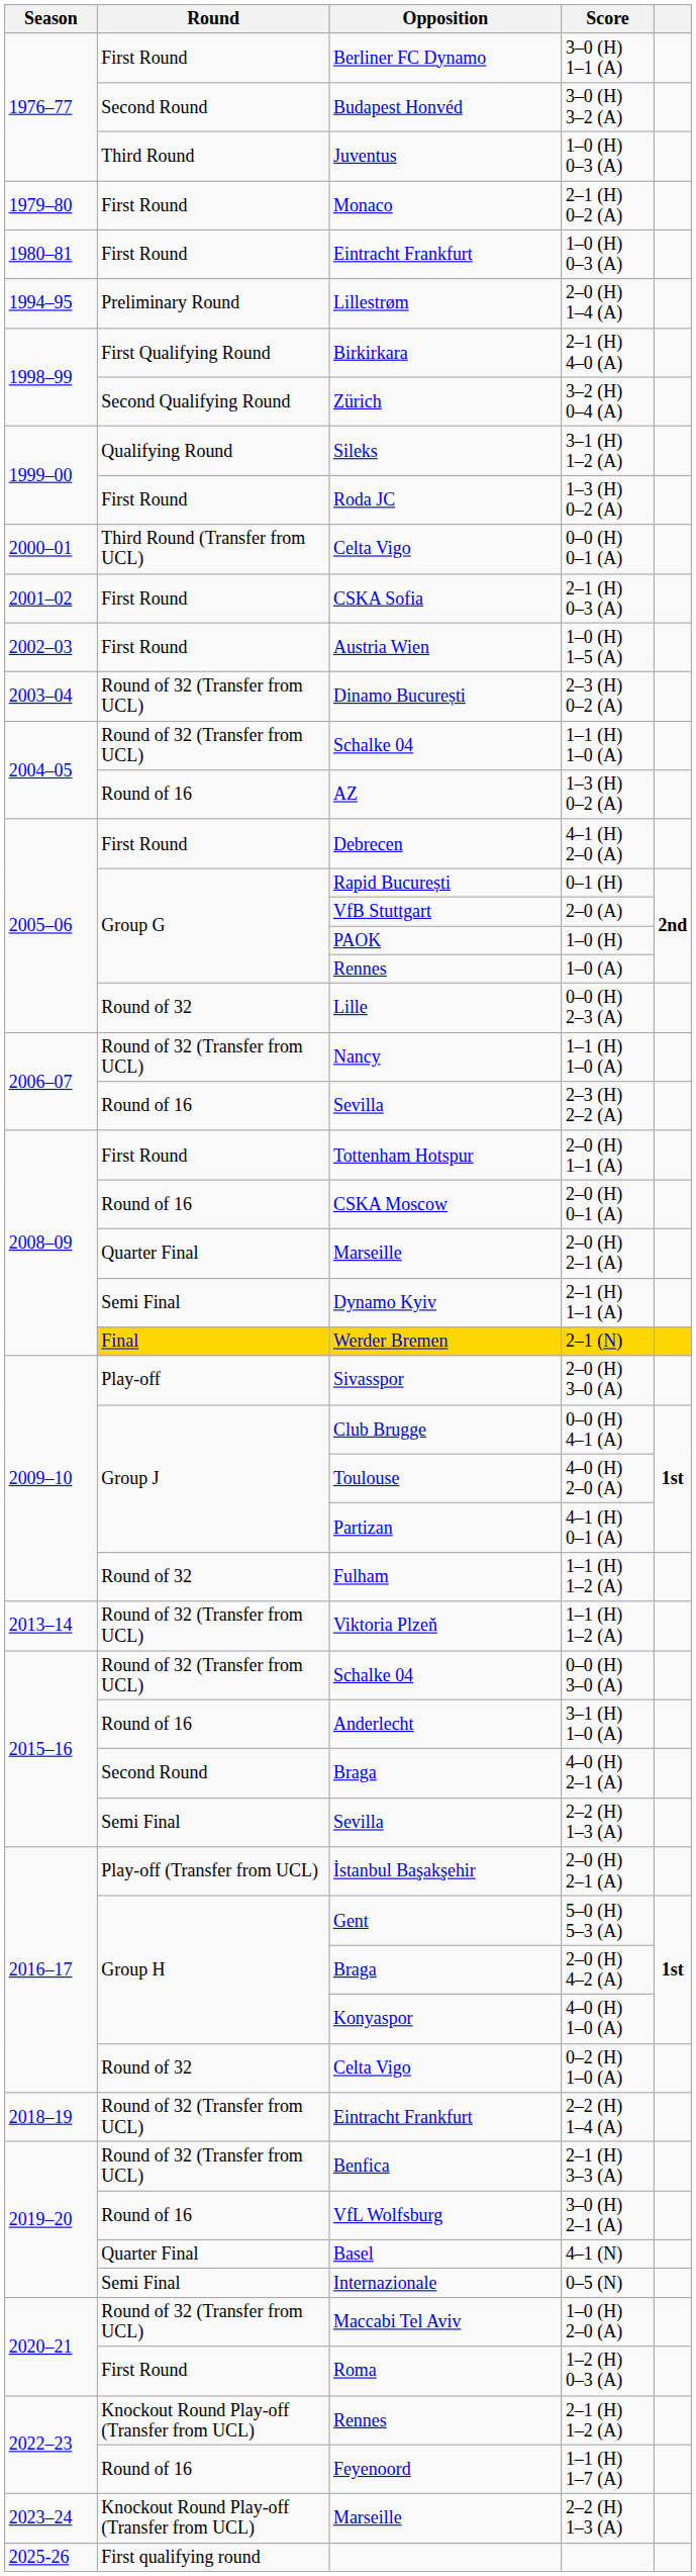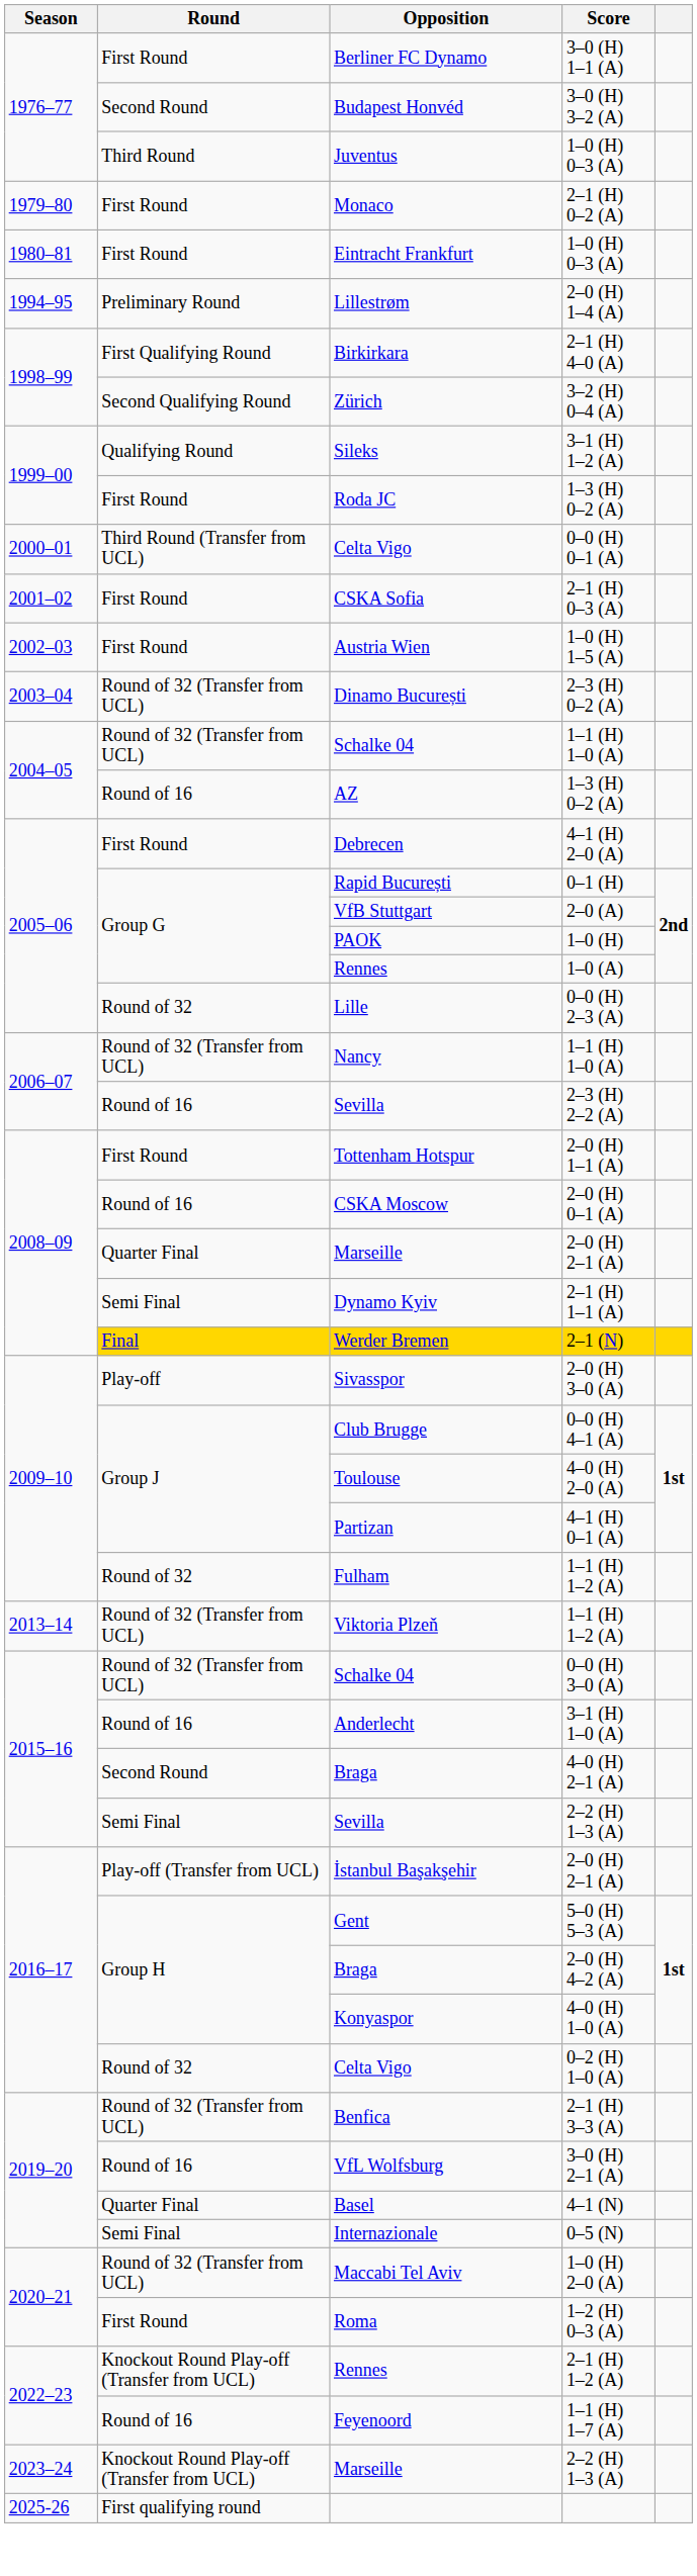 <table class="wikitable">
 <tr>
 <th width=75>Season</th>
 <th width=200>Round</th>
 <th width=200>Opposition</th>
 <th width=75>Score</th>
 <th></th>
 </tr>
 <tr>
 <td rowspan=3><a href='#'>1976–77</a></td>
 <td>First Round</td>
 <td> <a href='#'>Berliner FC Dynamo</a></td>
 <td>3–0 (H) <br> 1–1 (A)</td>
 <td></td>
 </tr>
 <tr>
 <td>Second Round</td>
 <td> <a href='#'>Budapest Honvéd</a></td>
 <td>3–0 (H) <br> 3–2 (A)</td>
 <td></td>
 </tr>
 <tr>
 <td>Third Round</td>
 <td> <a href='#'>Juventus</a></td>
 <td>1–0 (H) <br> 0–3 (A)</td>
 <td></td>
 </tr>
 <tr>
 <td><a href='#'>1979–80</a></td>
 <td>First Round</td>
 <td> <a href='#'>Monaco</a></td>
 <td>2–1 (H) <br> 0–2 (A)</td>
 <td></td>
 </tr>
 <tr>
 <td><a href='#'>1980–81</a></td>
 <td>First Round</td>
 <td> <a href='#'>Eintracht Frankfurt</a></td>
 <td>1–0 (H) <br> 0–3 (A)</td>
 <td></td>
 </tr>
 <tr>
 <td><a href='#'>1994–95</a></td>
 <td>Preliminary Round</td>
 <td> <a href='#'>Lillestrøm</a></td>
 <td>2–0 (H) <br> 1–4 (A)</td>
 <td></td>
 </tr>
 <tr>
 <td rowspan="2"><a href='#'>1998–99</a></td>
 <td>First Qualifying Round</td>
 <td> <a href='#'>Birkirkara</a></td>
 <td>2–1 (H) <br> 4–0 (A)</td>
 <td></td>
 </tr>
 <tr>
 <td>Second Qualifying Round</td>
 <td> <a href='#'>Zürich</a></td>
 <td>3–2 (H) <br> 0–4 (A)</td>
 <td></td>
 </tr>
 <tr>
 <td rowspan="2"><a href='#'>1999–00</a></td>
 <td>Qualifying Round</td>
 <td> <a href='#'>Sileks</a></td>
 <td>3–1 (H) <br> 1–2 (A)</td>
 <td></td>
 </tr>
 <tr>
 <td>First Round</td>
 <td> <a href='#'>Roda JC</a></td>
 <td>1–3 (H) <br> 0–2 (A)</td>
 <td></td>
 </tr>
 <tr>
 <td><a href='#'>2000–01</a></td>
 <td>Third Round (Transfer from UCL)</td>
 <td> <a href='#'>Celta Vigo</a></td>
 <td>0–0 (H) <br> 0–1 (A)</td>
 <td></td>
 </tr>
 <tr>
 <td><a href='#'>2001–02</a></td>
 <td>First Round</td>
 <td> <a href='#'>CSKA Sofia</a></td>
 <td>2–1 (H) <br> 0–3 (A)</td>
 <td></td>
 </tr>
 <tr>
 <td><a href='#'>2002–03</a></td>
 <td>First Round</td>
 <td> <a href='#'>Austria Wien</a></td>
 <td>1–0 (H) <br> 1–5 (A)</td>
 <td></td>
 </tr>
 <tr>
 <td><a href='#'>2003–04</a></td>
 <td>Round of 32 (Transfer from UCL)</td>
 <td> <a href='#'>Dinamo București</a></td>
 <td>2–3 (H) <br> 0–2 (A)</td>
 <td></td>
 </tr>
 <tr>
 <td rowspan="2"><a href='#'>2004–05</a></td>
 <td>Round of 32 (Transfer from UCL)</td>
 <td> <a href='#'>Schalke 04</a></td>
 <td>1–1 (H) <br> 1–0 (A)</td>
 <td></td>
 </tr>
 <tr>
 <td>Round of 16</td>
 <td> <a href='#'>AZ</a></td>
 <td>1–3 (H) <br> 0–2 (A)</td>
 <td></td>
 </tr>
 <tr>
 <td rowspan="6"><a href='#'>2005–06</a></td>
 <td>First Round</td>
 <td> <a href='#'>Debrecen</a></td>
 <td>4–1 (H) <br> 2–0 (A)</td>
 <td></td>
 </tr>
 <tr>
 <td rowspan="4">Group G</td>
 <td> <a href='#'>Rapid București</a></td>
 <td>0–1 (H)</td>
 <td style="text-align:center;" rowspan= "4"><strong>2nd</strong></td>
 </tr>
 <tr>
 <td> <a href='#'>VfB Stuttgart</a></td>
 <td>2–0 (A)</td>
 </tr>
 <tr>
 <td> <a href='#'>PAOK</a></td>
 <td>1–0 (H)</td>
 </tr>
 <tr>
 <td> <a href='#'>Rennes</a></td>
 <td>1–0 (A)</td>
 </tr>
 <tr>
 <td>Round of 32</td>
 <td> <a href='#'>Lille</a></td>
 <td>0–0 (H) <br> 2–3 (A)</td>
 <td></td>
 </tr>
 <tr>
 <td rowspan="2"><a href='#'>2006–07</a></td>
 <td>Round of 32 (Transfer from UCL)</td>
 <td> <a href='#'>Nancy</a></td>
 <td>1–1 (H) <br> 1–0 (A)</td>
 <td></td>
 </tr>
 <tr>
 <td>Round of 16</td>
 <td> <a href='#'>Sevilla</a></td>
 <td>2–3 (H) <br> 2–2 (A)</td>
 <td></td>
 </tr>
 <tr>
 <td rowspan="5"><a href='#'>2008–09</a></td>
 <td>First Round</td>
 <td> <a href='#'>Tottenham Hotspur</a></td>
 <td>2–0 (H) <br> 1–1 (A)</td>
 <td></td>
 </tr>
 <tr>
 <td>Round of 16</td>
 <td> <a href='#'>CSKA Moscow</a></td>
 <td>2–0 (H) <br> 0–1 (A)</td>
 <td></td>
 </tr>
 <tr>
 <td>Quarter Final</td>
 <td> <a href='#'>Marseille</a></td>
 <td>2–0 (H) <br> 2–1 (A)</td>
 <td></td>
 </tr>
 <tr>
 <td>Semi Final</td>
 <td> <a href='#'>Dynamo Kyiv</a></td>
 <td>2–1 (H) <br> 1–1 (A)</td>
 <td></td>
 </tr>
 <tr>
 <td bgcolor=Gold><a href='#'>Final</a></td>
 <td bgcolor=Gold> <a href='#'>Werder Bremen</a></td>
 <td bgcolor=Gold>2–1 (<a href='#'>N</a>)</td>
 <td bgcolor=Gold></td>
 </tr>
 <tr>
 <td rowspan="5"><a href='#'>2009–10</a></td>
 <td>Play-off</td>
 <td> <a href='#'>Sivasspor</a></td>
 <td>2–0 (H) <br> 3–0 (A)</td>
 <td></td>
 </tr>
 <tr>
 <td rowspan="3’’">Group J</td>
 <td> <a href='#'>Club Brugge</a></td>
 <td>0–0 (H) <br> 4–1 (A)</td>
 <td style="text-align:center;" rowspan= "3 "><strong>1st</strong></td>
 </tr>
 <tr>
 <td> <a href='#'>Toulouse</a></td>
 <td>4–0 (H) <br> 2–0 (A)</td>
 </tr>
 <tr>
 <td> <a href='#'>Partizan</a></td>
 <td>4–1 (H) <br> 0–1 (A)</td>
 </tr>
 <tr>
 <td>Round of 32</td>
 <td> <a href='#'>Fulham</a></td>
 <td>1–1 (H) <br> 1–2 (A)</td>
 <td></td>
 </tr>
 <tr>
 <td><a href='#'>2013–14</a></td>
 <td>Round of 32 (Transfer from UCL)</td>
 <td> <a href='#'>Viktoria Plzeň</a></td>
 <td>1–1 (H) <br> 1–2 (A)</td>
 <td></td>
 </tr>
 <tr>
 <td rowspan="4"><a href='#'>2015–16</a></td>
 <td>Round of 32 (Transfer from UCL)</td>
 <td> <a href='#'>Schalke 04</a></td>
 <td>0–0 (H) <br> 3–0 (A)</td>
 <td></td>
 </tr>
 <tr>
 <td>Round of 16</td>
 <td> <a href='#'>Anderlecht</a></td>
 <td>3–1 (H) <br> 1–0 (A)</td>
 <td></td>
 </tr>
 <tr>
 <td>Second Round</td>
 <td> <a href='#'>Braga</a></td>
 <td>4–0 (H) <br> 2–1 (A)</td>
 <td></td>
 </tr>
 <tr>
 <td>Semi Final</td>
 <td> <a href='#'>Sevilla</a></td>
 <td>2–2 (H) <br> 1–3 (A)</td>
 <td></td>
 </tr>
 <tr>
 <td rowspan="5"><a href='#'>2016–17</a></td>
 <td>Play-off (Transfer from UCL)</td>
 <td> <a href='#'>İstanbul Başakşehir</a></td>
 <td>2–0 (H) <br> 2–1 (A)</td>
 <td></td>
 </tr>
 <tr>
 <td rowspan="3’’">Group H</td>
 <td> <a href='#'>Gent</a></td>
 <td>5–0 (H) <br> 5–3 (A)</td>
 <td style="text-align:center;" rowspan= "3 "><strong>1st</strong></td>
 </tr>
 <tr>
 <td> <a href='#'>Braga</a></td>
 <td>2–0 (H) <br> 4–2 (A)</td>
 </tr>
 <tr>
 <td> <a href='#'>Konyaspor</a></td>
 <td>4–0 (H) <br> 1–0 (A)</td>
 </tr>
 <tr>
 <td>Round of 32</td>
 <td> <a href='#'>Celta Vigo</a></td>
 <td>0–2 (H) <br> 1–0 (A)</td>
 <td></td>
 </tr>
 <tr>
-<td><a href='#'>2018–19</a></td>
-<td>Round of 32 (Transfer from UCL)</td>
-<td> <a href='#'>Eintracht Frankfurt</a></td>
-<td>2–2 (H) <br> 1–4 (A)</td>
-<td></td>
-</tr>
-<tr>
 <td rowspan="4"><a href='#'>2019–20</a></td>
 <td>Round of 32 (Transfer from UCL)</td>
 <td> <a href='#'>Benfica</a></td>
 <td>2–1 (H) <br> 3–3 (A)</td>
 <td></td>
 </tr>
 <tr>
 <td>Round of 16</td>
 <td> <a href='#'>VfL Wolfsburg</a></td>
 <td>3–0 (H) <br> 2–1 (A)</td>
 <td></td>
 </tr>
 <tr>
 <td>Quarter Final</td>
 <td> <a href='#'>Basel</a></td>
 <td>4–1 (N)</td>
 <td></td>
 </tr>
 <tr>
 <td>Semi Final</td>
 <td> <a href='#'>Internazionale</a></td>
 <td>0–5 (N)</td>
 <td></td>
 </tr>
 <tr>
 <td rowspan="2"><a href='#'>2020–21</a></td>
 <td>Round of 32 (Transfer from UCL)</td>
 <td> <a href='#'>Maccabi Tel Aviv</a></td>
 <td>1–0 (H) <br> 2–0 (A)</td>
 <td></td>
 </tr>
 <tr>
 <td>First Round</td>
 <td> <a href='#'>Roma</a></td>
 <td>1–2 (H) <br> 0–3 (A)</td>
 <td></td>
 </tr>
 <tr>
 <td rowspan="2"><a href='#'>2022–23</a></td>
 <td>Knockout Round Play-off (Transfer from UCL)</td>
 <td> <a href='#'>Rennes</a></td>
 <td>2–1 (H) <br> 1–2 (A) <br> </td>
 <td></td>
 </tr>
 <tr>
 <td>Round of 16</td>
 <td> <a href='#'>Feyenoord</a></td>
 <td>1–1 (H) <br> 1–7 (A)</td>
 <td></td>
 </tr>
 <tr>
 <td><a href='#'>2023–24</a></td>
 <td>Knockout Round Play-off (Transfer from UCL)</td>
 <td> <a href='#'>Marseille</a></td>
 <td>2–2 (H) <br> 1–3 (A)</td>
 <td></td>
 </tr>
 <tr>
 <td><a href='#'>2025-26</a></td>
 <td>First qualifying round</td>
 <td></td>
 <td></td>
 <td></td>
 </tr>
 </table>
